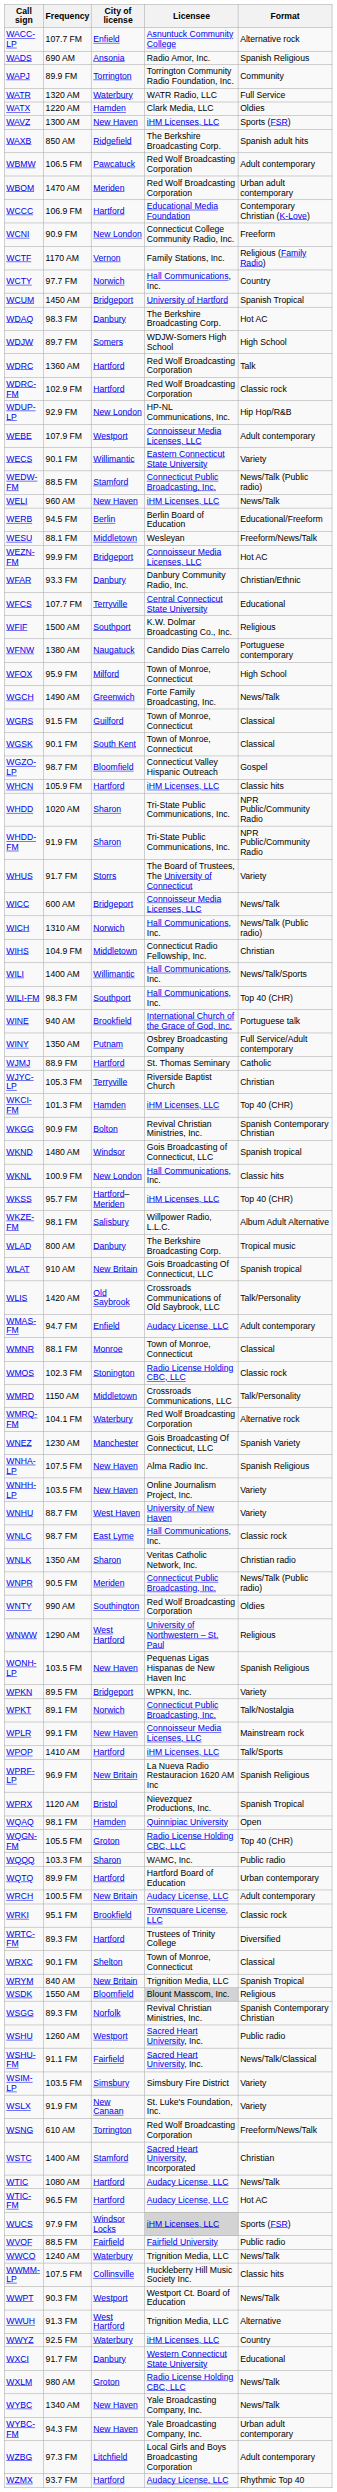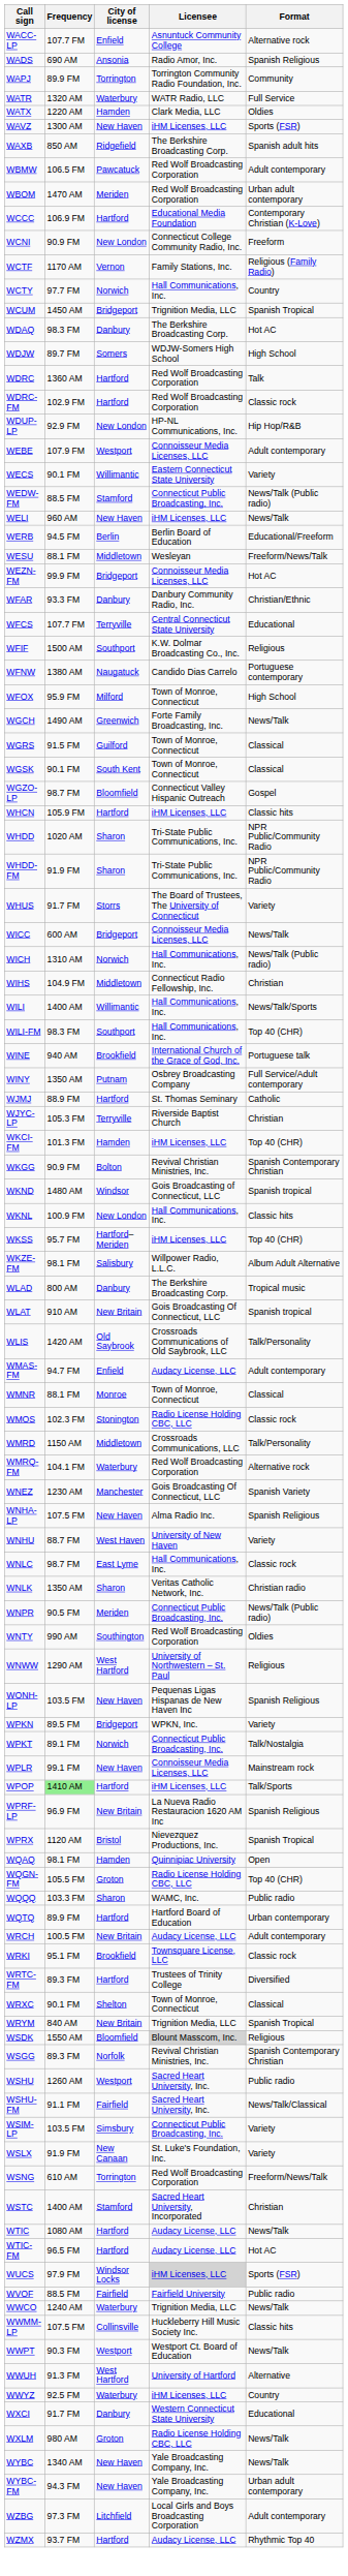 <table class="wikitable sortable">
 <tr>
 <th>Call sign</th>
 <th data-sort-type="number">Frequency</th>
 <th>City of license</th>
 <th>Licensee </th>
 <th>Format </th>
 </tr>
 <tr>
 <td><a href='#'>WACC-LP</a></td>
 <td>107.7 FM</td>
 <td><a href='#'>Enfield</a></td>
 <td><a href='#'>Asnuntuck Community College</a></td>
 <td>Alternative rock</td>
 </tr>
 <tr>
 <td><a href='#'>WADS</a></td>
 <td>690 AM</td>
 <td><a href='#'>Ansonia</a></td>
 <td>Radio Amor, Inc.</td>
 <td>Spanish Religious</td>
 </tr>
 <tr>
 <td><a href='#'>WAPJ</a></td>
 <td>89.9 FM</td>
 <td><a href='#'>Torrington</a></td>
 <td>Torrington Community Radio Foundation, Inc.</td>
 <td>Community</td>
 </tr>
 <tr>
 <td><a href='#'>WATR</a></td>
 <td>1320 AM</td>
 <td><a href='#'>Waterbury</a></td>
 <td>WATR Radio, LLC</td>
 <td>Full Service</td>
 </tr>
 <tr>
 <td><a href='#'>WATX</a></td>
 <td>1220 AM</td>
 <td><a href='#'>Hamden</a></td>
 <td>Clark Media, LLC</td>
 <td>Oldies</td>
 </tr>
 <tr>
 <td><a href='#'>WAVZ</a></td>
 <td>1300 AM</td>
 <td><a href='#'>New Haven</a></td>
 <td><a href='#'>iHM Licenses, LLC</a></td>
 <td>Sports (<a href='#'>FSR</a>)</td>
 </tr>
 <tr>
 <td><a href='#'>WAXB</a></td>
 <td>850 AM</td>
 <td><a href='#'>Ridgefield</a></td>
 <td>The Berkshire Broadcasting Corp.</td>
 <td>Spanish adult hits</td>
 </tr>
 <tr>
 <td><a href='#'>WBMW</a></td>
 <td>106.5 FM</td>
 <td><a href='#'>Pawcatuck</a></td>
 <td>Red Wolf Broadcasting Corporation</td>
 <td>Adult contemporary</td>
 </tr>
 <tr>
 <td><a href='#'>WBOM</a></td>
 <td>1470 AM</td>
 <td><a href='#'>Meriden</a></td>
 <td>Red Wolf Broadcasting Corporation</td>
 <td>Urban adult contemporary</td>
 </tr>
 <tr>
 <td><a href='#'>WCCC</a></td>
 <td>106.9 FM</td>
 <td><a href='#'>Hartford</a></td>
 <td><a href='#'>Educational Media Foundation</a></td>
 <td>Contemporary Christian (<a href='#'>K-Love</a>)</td>
 </tr>
 <tr>
 <td><a href='#'>WCNI</a></td>
 <td>90.9 FM</td>
 <td><a href='#'>New London</a></td>
 <td>Connecticut College Community Radio, Inc.</td>
 <td>Freeform</td>
 </tr>
 <tr>
 <td><a href='#'>WCTF</a></td>
 <td>1170 AM</td>
 <td><a href='#'>Vernon</a></td>
 <td>Family Stations, Inc.</td>
 <td>Religious (<a href='#'>Family Radio</a>)</td>
 </tr>
 <tr>
 <td><a href='#'>WCTY</a></td>
 <td>97.7 FM</td>
 <td><a href='#'>Norwich</a></td>
 <td><a href='#'>Hall Communications</a>, Inc.</td>
 <td>Country</td>
 </tr>
 <tr>
 <td><a href='#'>WCUM</a></td>
 <td>1450 AM</td>
 <td><a href='#'>Bridgeport</a></td>
-<td><a href='#'>University of Hartford</a></td>
+<td>Trignition Media, LLC</td>
 <td>Spanish Tropical</td>
 </tr>
 <tr>
 <td><a href='#'>WDAQ</a></td>
 <td>98.3 FM</td>
 <td><a href='#'>Danbury</a></td>
 <td>The Berkshire Broadcasting Corp.</td>
 <td>Hot AC</td>
 </tr>
 <tr>
 <td><a href='#'>WDJW</a></td>
 <td>89.7 FM</td>
 <td><a href='#'>Somers</a></td>
 <td>WDJW-Somers High School</td>
 <td>High School</td>
 </tr>
 <tr>
 <td><a href='#'>WDRC</a></td>
 <td>1360 AM</td>
 <td><a href='#'>Hartford</a></td>
 <td>Red Wolf Broadcasting Corporation</td>
 <td>Talk</td>
 </tr>
 <tr>
 <td><a href='#'>WDRC-FM</a></td>
 <td>102.9 FM</td>
 <td><a href='#'>Hartford</a></td>
 <td>Red Wolf Broadcasting Corporation</td>
 <td>Classic rock</td>
 </tr>
 <tr>
 <td><a href='#'>WDUP-LP</a></td>
 <td>92.9 FM</td>
 <td><a href='#'>New London</a></td>
 <td>HP-NL Communications, Inc.</td>
 <td>Hip Hop/R&B</td>
 </tr>
 <tr>
 <td><a href='#'>WEBE</a></td>
 <td>107.9 FM</td>
 <td><a href='#'>Westport</a></td>
 <td><a href='#'>Connoisseur Media Licenses, LLC</a></td>
 <td>Adult contemporary</td>
 </tr>
 <tr>
 <td><a href='#'>WECS</a></td>
 <td>90.1 FM</td>
 <td><a href='#'>Willimantic</a></td>
 <td><a href='#'>Eastern Connecticut State University</a></td>
 <td>Variety</td>
 </tr>
 <tr>
 <td><a href='#'>WEDW-FM</a></td>
 <td>88.5 FM</td>
 <td><a href='#'>Stamford</a></td>
 <td><a href='#'>Connecticut Public Broadcasting, Inc.</a></td>
 <td>News/Talk (Public radio)</td>
 </tr>
 <tr>
 <td><a href='#'>WELI</a></td>
 <td>960 AM</td>
 <td><a href='#'>New Haven</a></td>
 <td><a href='#'>iHM Licenses, LLC</a></td>
 <td>News/Talk</td>
 </tr>
 <tr>
 <td><a href='#'>WERB</a></td>
 <td>94.5 FM</td>
 <td><a href='#'>Berlin</a></td>
 <td>Berlin Board of Education</td>
 <td>Educational/Freeform</td>
 </tr>
 <tr>
 <td><a href='#'>WESU</a></td>
 <td>88.1 FM</td>
 <td><a href='#'>Middletown</a></td>
 <td>Wesleyan</td>
 <td>Freeform/News/Talk</td>
 </tr>
 <tr>
 <td><a href='#'>WEZN-FM</a></td>
 <td>99.9 FM</td>
 <td><a href='#'>Bridgeport</a></td>
 <td><a href='#'>Connoisseur Media Licenses, LLC</a></td>
 <td>Hot AC</td>
 </tr>
 <tr>
 <td><a href='#'>WFAR</a></td>
 <td>93.3 FM</td>
 <td><a href='#'>Danbury</a></td>
 <td>Danbury Community Radio, Inc.</td>
 <td>Christian/Ethnic</td>
 </tr>
 <tr>
 <td><a href='#'>WFCS</a></td>
 <td>107.7 FM</td>
 <td><a href='#'>Terryville</a></td>
 <td><a href='#'>Central Connecticut State University</a></td>
 <td>Educational</td>
 </tr>
 <tr>
 <td><a href='#'>WFIF</a></td>
 <td>1500 AM</td>
 <td><a href='#'>Southport</a></td>
 <td>K.W. Dolmar Broadcasting Co., Inc.</td>
 <td>Religious</td>
 </tr>
 <tr>
 <td><a href='#'>WFNW</a></td>
 <td>1380 AM</td>
 <td><a href='#'>Naugatuck</a></td>
 <td>Candido Dias Carrelo</td>
 <td>Portuguese contemporary</td>
 </tr>
 <tr>
 <td><a href='#'>WFOX</a></td>
 <td>95.9 FM</td>
 <td><a href='#'>Milford</a></td>
 <td>Town of Monroe, Connecticut</td>
 <td>High School</td>
 </tr>
 <tr>
 <td><a href='#'>WGCH</a></td>
 <td>1490 AM</td>
 <td><a href='#'>Greenwich</a></td>
 <td>Forte Family Broadcasting, Inc.</td>
 <td>News/Talk</td>
 </tr>
 <tr>
 <td><a href='#'>WGRS</a></td>
 <td>91.5 FM</td>
 <td><a href='#'>Guilford</a></td>
 <td>Town of Monroe, Connecticut</td>
 <td>Classical</td>
 </tr>
 <tr>
 <td><a href='#'>WGSK</a></td>
 <td>90.1 FM</td>
 <td><a href='#'>South Kent</a></td>
 <td>Town of Monroe, Connecticut</td>
 <td>Classical</td>
 </tr>
 <tr>
 <td><a href='#'>WGZO-LP</a></td>
 <td>98.7 FM</td>
 <td><a href='#'>Bloomfield</a></td>
 <td>Connecticut Valley Hispanic Outreach</td>
 <td>Gospel</td>
 </tr>
 <tr>
 <td><a href='#'>WHCN</a></td>
 <td>105.9 FM</td>
 <td><a href='#'>Hartford</a></td>
 <td><a href='#'>iHM Licenses, LLC</a></td>
 <td>Classic hits</td>
 </tr>
 <tr>
 <td><a href='#'>WHDD</a></td>
 <td>1020 AM</td>
 <td><a href='#'>Sharon</a></td>
 <td>Tri-State Public Communications, Inc.</td>
 <td>NPR Public/Community Radio</td>
 </tr>
 <tr>
 <td><a href='#'>WHDD-FM</a></td>
 <td>91.9 FM</td>
 <td><a href='#'>Sharon</a></td>
 <td>Tri-State Public Communications, Inc.</td>
 <td>NPR Public/Community Radio</td>
 </tr>
 <tr>
 <td><a href='#'>WHUS</a></td>
 <td>91.7 FM</td>
 <td><a href='#'>Storrs</a></td>
 <td>The Board of Trustees, The <a href='#'>University of Connecticut</a></td>
 <td>Variety</td>
 </tr>
 <tr>
 <td><a href='#'>WICC</a></td>
 <td>600 AM</td>
 <td><a href='#'>Bridgeport</a></td>
 <td><a href='#'>Connoisseur Media Licenses, LLC</a></td>
 <td>News/Talk</td>
 </tr>
 <tr>
 <td><a href='#'>WICH</a></td>
 <td>1310 AM</td>
 <td><a href='#'>Norwich</a></td>
 <td><a href='#'>Hall Communications</a>, Inc.</td>
 <td>News/Talk (Public radio)</td>
 </tr>
 <tr>
 <td><a href='#'>WIHS</a></td>
 <td>104.9 FM</td>
 <td><a href='#'>Middletown</a></td>
 <td>Connecticut Radio Fellowship, Inc.</td>
 <td>Christian</td>
 </tr>
 <tr>
 <td><a href='#'>WILI</a></td>
 <td>1400 AM</td>
 <td><a href='#'>Willimantic</a></td>
 <td><a href='#'>Hall Communications</a>, Inc.</td>
 <td>News/Talk/Sports</td>
 </tr>
 <tr>
 <td><a href='#'>WILI-FM</a></td>
 <td>98.3 FM</td>
 <td><a href='#'>Southport</a></td>
 <td><a href='#'>Hall Communications</a>, Inc.</td>
 <td>Top 40 (CHR)</td>
 </tr>
 <tr>
 <td><a href='#'>WINE</a></td>
 <td>940 AM</td>
 <td><a href='#'>Brookfield</a></td>
 <td><a href='#'>International Church of the Grace of God, Inc.</a></td>
 <td>Portuguese talk</td>
 </tr>
 <tr>
 <td><a href='#'>WINY</a></td>
 <td>1350 AM</td>
 <td><a href='#'>Putnam</a></td>
 <td>Osbrey Broadcasting Company</td>
 <td>Full Service/Adult contemporary</td>
 </tr>
 <tr>
 <td><a href='#'>WJMJ</a></td>
 <td>88.9 FM</td>
 <td><a href='#'>Hartford</a></td>
 <td>St. Thomas Seminary</td>
 <td>Catholic</td>
 </tr>
 <tr>
 <td><a href='#'>WJYC-LP</a></td>
 <td>105.3 FM</td>
 <td><a href='#'>Terryville</a></td>
 <td>Riverside Baptist Church</td>
 <td>Christian</td>
 </tr>
 <tr>
 <td><a href='#'>WKCI-FM</a></td>
 <td>101.3 FM</td>
 <td><a href='#'>Hamden</a></td>
 <td><a href='#'>iHM Licenses, LLC</a></td>
 <td>Top 40 (CHR)</td>
 </tr>
 <tr>
 <td><a href='#'>WKGG</a></td>
 <td>90.9 FM</td>
 <td><a href='#'>Bolton</a></td>
 <td>Revival Christian Ministries, Inc.</td>
 <td>Spanish Contemporary Christian</td>
 </tr>
 <tr>
 <td><a href='#'>WKND</a></td>
 <td>1480 AM</td>
 <td><a href='#'>Windsor</a></td>
 <td>Gois Broadcasting of Connecticut, LLC</td>
 <td>Spanish tropical</td>
 </tr>
 <tr>
 <td><a href='#'>WKNL</a></td>
 <td>100.9 FM</td>
 <td><a href='#'>New London</a></td>
 <td><a href='#'>Hall Communications</a>, Inc.</td>
 <td>Classic hits</td>
 </tr>
 <tr>
 <td><a href='#'>WKSS</a></td>
 <td>95.7 FM</td>
 <td><a href='#'>Hartford</a>–<a href='#'>Meriden</a></td>
 <td><a href='#'>iHM Licenses, LLC</a></td>
 <td>Top 40 (CHR)</td>
 </tr>
 <tr>
 <td><a href='#'>WKZE-FM</a></td>
 <td>98.1 FM</td>
 <td><a href='#'>Salisbury</a></td>
 <td>Willpower Radio, L.L.C.</td>
 <td>Album Adult Alternative</td>
 </tr>
 <tr>
 <td><a href='#'>WLAD</a></td>
 <td>800 AM</td>
 <td><a href='#'>Danbury</a></td>
 <td>The Berkshire Broadcasting Corp.</td>
 <td>Tropical music</td>
 </tr>
 <tr>
 <td><a href='#'>WLAT</a></td>
 <td>910 AM</td>
 <td><a href='#'>New Britain</a></td>
 <td>Gois Broadcasting Of Connecticut, LLC</td>
 <td>Spanish tropical</td>
 </tr>
 <tr>
 <td><a href='#'>WLIS</a></td>
 <td>1420 AM</td>
 <td><a href='#'>Old Saybrook</a></td>
 <td>Crossroads Communications of Old Saybrook, LLC</td>
 <td>Talk/Personality</td>
 </tr>
 <tr>
 <td><a href='#'>WMAS-FM</a></td>
 <td>94.7 FM</td>
 <td><a href='#'>Enfield</a></td>
 <td><a href='#'>Audacy License, LLC</a></td>
 <td>Adult contemporary</td>
 </tr>
 <tr>
 <td><a href='#'>WMNR</a></td>
 <td>88.1 FM</td>
 <td><a href='#'>Monroe</a></td>
 <td>Town of Monroe, Connecticut</td>
 <td>Classical</td>
 </tr>
 <tr>
 <td><a href='#'>WMOS</a></td>
 <td>102.3 FM</td>
 <td><a href='#'>Stonington</a></td>
 <td><a href='#'>Radio License Holding CBC, LLC</a></td>
 <td>Classic rock</td>
 </tr>
 <tr>
 <td><a href='#'>WMRD</a></td>
 <td>1150 AM</td>
 <td><a href='#'>Middletown</a></td>
 <td>Crossroads Communications, LLC</td>
 <td>Talk/Personality</td>
 </tr>
 <tr>
 <td><a href='#'>WMRQ-FM</a></td>
 <td>104.1 FM</td>
 <td><a href='#'>Waterbury</a></td>
 <td>Red Wolf Broadcasting Corporation</td>
 <td>Alternative rock</td>
 </tr>
 <tr>
 <td><a href='#'>WNEZ</a></td>
 <td>1230 AM</td>
 <td><a href='#'>Manchester</a></td>
 <td>Gois Broadcasting Of Connecticut, LLC</td>
 <td>Spanish Variety</td>
 </tr>
 <tr>
 <td><a href='#'>WNHA-LP</a></td>
 <td>107.5 FM</td>
 <td><a href='#'>New Haven</a></td>
 <td>Alma Radio Inc.</td>
 <td>Spanish Religious</td>
 </tr>
 <tr>
-<td><a href='#'>WNHH-LP</a></td>
-<td>103.5 FM</td>
-<td><a href='#'>New Haven</a></td>
-<td>Online Journalism Project, Inc.</td>
-<td>Variety</td>
-</tr>
-<tr>
 <td><a href='#'>WNHU</a></td>
 <td>88.7 FM</td>
 <td><a href='#'>West Haven</a></td>
 <td><a href='#'>University of New Haven</a></td>
 <td>Variety</td>
 </tr>
 <tr>
 <td><a href='#'>WNLC</a></td>
 <td>98.7 FM</td>
 <td><a href='#'>East Lyme</a></td>
 <td><a href='#'>Hall Communications</a>, Inc.</td>
 <td>Classic rock</td>
 </tr>
 <tr>
 <td><a href='#'>WNLK</a></td>
 <td>1350 AM</td>
 <td><a href='#'>Sharon</a></td>
 <td>Veritas Catholic Network, Inc.</td>
 <td>Christian radio</td>
 </tr>
 <tr>
 <td><a href='#'>WNPR</a></td>
 <td>90.5 FM</td>
 <td><a href='#'>Meriden</a></td>
 <td><a href='#'>Connecticut Public Broadcasting, Inc.</a></td>
 <td>News/Talk (Public radio)</td>
 </tr>
 <tr>
 <td><a href='#'>WNTY</a></td>
 <td>990 AM</td>
 <td><a href='#'>Southington</a></td>
 <td>Red Wolf Broadcasting Corporation</td>
 <td>Oldies</td>
 </tr>
 <tr>
 <td><a href='#'>WNWW</a></td>
 <td>1290 AM</td>
 <td><a href='#'>West Hartford</a></td>
 <td><a href='#'>University of Northwestern – St. Paul</a></td>
 <td>Religious</td>
 </tr>
 <tr>
 <td><a href='#'>WONH-LP</a></td>
 <td>103.5 FM</td>
 <td><a href='#'>New Haven</a></td>
 <td>Pequenas Ligas Hispanas de New Haven Inc</td>
 <td>Spanish Religious</td>
 </tr>
 <tr>
 <td><a href='#'>WPKN</a></td>
 <td>89.5 FM</td>
 <td><a href='#'>Bridgeport</a></td>
 <td>WPKN, Inc.</td>
 <td>Variety</td>
 </tr>
 <tr>
 <td><a href='#'>WPKT</a></td>
 <td>89.1 FM</td>
 <td><a href='#'>Norwich</a></td>
 <td><a href='#'>Connecticut Public Broadcasting, Inc.</a></td>
 <td>Talk/Nostalgia</td>
 </tr>
 <tr>
 <td><a href='#'>WPLR</a></td>
 <td>99.1 FM</td>
 <td><a href='#'>New Haven</a></td>
 <td><a href='#'>Connoisseur Media Licenses, LLC</a></td>
 <td>Mainstream rock</td>
 </tr>
 <tr>
 <td><a href='#'>WPOP</a></td>
-<td>1410 AM</td>
+<td style="background: lightgreen;">1410 AM</td>
 <td><a href='#'>Hartford</a></td>
 <td><a href='#'>iHM Licenses, LLC</a></td>
 <td>Talk/Sports</td>
 </tr>
 <tr>
 <td><a href='#'>WPRF-LP</a></td>
 <td>96.9 FM</td>
 <td><a href='#'>New Britain</a></td>
 <td>La Nueva Radio Restauracion 1620 AM Inc</td>
 <td>Spanish Religious</td>
 </tr>
 <tr>
 <td><a href='#'>WPRX</a></td>
 <td>1120 AM</td>
 <td><a href='#'>Bristol</a></td>
 <td>Nievezquez Productions, Inc.</td>
 <td>Spanish Tropical</td>
 </tr>
 <tr>
 <td><a href='#'>WQAQ</a></td>
 <td>98.1 FM</td>
 <td><a href='#'>Hamden</a></td>
 <td><a href='#'>Quinnipiac University</a></td>
 <td>Open</td>
 </tr>
 <tr>
 <td><a href='#'>WQGN-FM</a></td>
 <td>105.5 FM</td>
 <td><a href='#'>Groton</a></td>
 <td><a href='#'>Radio License Holding CBC, LLC</a></td>
 <td>Top 40 (CHR)</td>
 </tr>
 <tr>
 <td><a href='#'>WQQQ</a></td>
 <td>103.3 FM</td>
 <td><a href='#'>Sharon</a></td>
 <td>WAMC, Inc.</td>
 <td>Public radio</td>
 </tr>
 <tr>
 <td><a href='#'>WQTQ</a></td>
 <td>89.9 FM</td>
 <td><a href='#'>Hartford</a></td>
 <td>Hartford Board of Education</td>
 <td>Urban contemporary</td>
 </tr>
 <tr>
 <td><a href='#'>WRCH</a></td>
 <td>100.5 FM</td>
 <td><a href='#'>New Britain</a></td>
 <td><a href='#'>Audacy License, LLC</a></td>
 <td>Adult contemporary</td>
 </tr>
 <tr>
 <td><a href='#'>WRKI</a></td>
 <td>95.1 FM</td>
 <td><a href='#'>Brookfield</a></td>
 <td><a href='#'>Townsquare License, LLC</a></td>
 <td>Classic rock</td>
 </tr>
 <tr>
 <td><a href='#'>WRTC-FM</a></td>
 <td>89.3 FM</td>
 <td><a href='#'>Hartford</a></td>
 <td>Trustees of Trinity College</td>
 <td>Diversified</td>
 </tr>
 <tr>
 <td><a href='#'>WRXC</a></td>
 <td>90.1 FM</td>
 <td><a href='#'>Shelton</a></td>
 <td>Town of Monroe, Connecticut</td>
 <td>Classical</td>
 </tr>
 <tr>
 <td><a href='#'>WRYM</a></td>
 <td>840 AM</td>
 <td><a href='#'>New Britain</a></td>
 <td>Trignition Media, LLC</td>
 <td>Spanish Tropical</td>
 </tr>
 <tr>
 <td><a href='#'>WSDK</a></td>
 <td>1550 AM</td>
 <td><a href='#'>Bloomfield</a></td>
 <td style="background: lightgrey;">Blount Masscom, Inc.</td>
 <td>Religious</td>
 </tr>
 <tr>
 <td><a href='#'>WSGG</a></td>
 <td>89.3 FM</td>
 <td><a href='#'>Norfolk</a></td>
 <td>Revival Christian Ministries, Inc.</td>
 <td>Spanish Contemporary Christian</td>
 </tr>
 <tr>
 <td><a href='#'>WSHU</a></td>
 <td>1260 AM</td>
 <td><a href='#'>Westport</a></td>
 <td><a href='#'>Sacred Heart University</a>, Inc.</td>
 <td>Public radio</td>
 </tr>
 <tr>
 <td><a href='#'>WSHU-FM</a></td>
 <td>91.1 FM</td>
 <td><a href='#'>Fairfield</a></td>
 <td><a href='#'>Sacred Heart University</a>, Inc.</td>
 <td>News/Talk/Classical</td>
 </tr>
 <tr>
 <td><a href='#'>WSIM-LP</a></td>
 <td>103.5 FM</td>
 <td><a href='#'>Simsbury</a></td>
-<td>Simsbury Fire District</td>
+<td><a href='#'>Connecticut Public Broadcasting, Inc.</a></td>
 <td>Variety</td>
 </tr>
 <tr>
 <td><a href='#'>WSLX</a></td>
 <td>91.9 FM</td>
 <td><a href='#'>New Canaan</a></td>
 <td>St. Luke's Foundation, Inc.</td>
 <td>Variety</td>
 </tr>
 <tr>
 <td><a href='#'>WSNG</a></td>
 <td>610 AM</td>
 <td><a href='#'>Torrington</a></td>
 <td>Red Wolf Broadcasting Corporation</td>
 <td>Freeform/News/Talk</td>
 </tr>
 <tr>
 <td><a href='#'>WSTC</a></td>
 <td>1400 AM</td>
 <td><a href='#'>Stamford</a></td>
 <td><a href='#'>Sacred Heart University</a>, Incorporated</td>
 <td>Christian</td>
 </tr>
 <tr>
 <td><a href='#'>WTIC</a></td>
 <td>1080 AM</td>
 <td><a href='#'>Hartford</a></td>
 <td><a href='#'>Audacy License, LLC</a></td>
 <td>News/Talk</td>
 </tr>
 <tr>
 <td><a href='#'>WTIC-FM</a></td>
 <td>96.5 FM</td>
 <td><a href='#'>Hartford</a></td>
 <td><a href='#'>Audacy License, LLC</a></td>
 <td>Hot AC</td>
 </tr>
 <tr>
 <td><a href='#'>WUCS</a></td>
 <td>97.9 FM</td>
 <td><a href='#'>Windsor Locks</a></td>
 <td style="background: lightgrey;"><a href='#'>iHM Licenses, LLC</a></td>
 <td>Sports (<a href='#'>FSR</a>)</td>
 </tr>
 <tr>
 <td><a href='#'>WVOF</a></td>
 <td>88.5 FM</td>
 <td><a href='#'>Fairfield</a></td>
 <td><a href='#'>Fairfield University</a></td>
 <td>Public radio</td>
 </tr>
 <tr>
 <td><a href='#'>WWCO</a></td>
 <td>1240 AM</td>
 <td><a href='#'>Waterbury</a></td>
 <td>Trignition Media, LLC</td>
 <td>News/Talk</td>
 </tr>
 <tr>
 <td><a href='#'>WWMM-LP</a></td>
 <td>107.5 FM</td>
 <td><a href='#'>Collinsville</a></td>
 <td>Huckleberry Hill Music Society Inc.</td>
 <td>Classic hits</td>
 </tr>
 <tr>
 <td><a href='#'>WWPT</a></td>
 <td>90.3 FM</td>
 <td><a href='#'>Westport</a></td>
 <td>Westport Ct. Board of Education</td>
 <td>News/Talk</td>
 </tr>
 <tr>
 <td><a href='#'>WWUH</a></td>
 <td>91.3 FM</td>
 <td><a href='#'>West Hartford</a></td>
-<td>Trignition Media, LLC</td>
+<td><a href='#'>University of Hartford</a></td>
 <td>Alternative</td>
 </tr>
 <tr>
 <td><a href='#'>WWYZ</a></td>
 <td>92.5 FM</td>
 <td><a href='#'>Waterbury</a></td>
 <td><a href='#'>iHM Licenses, LLC</a></td>
 <td>Country</td>
 </tr>
 <tr>
 <td><a href='#'>WXCI</a></td>
 <td>91.7 FM</td>
 <td><a href='#'>Danbury</a></td>
 <td><a href='#'>Western Connecticut State University</a></td>
 <td>Educational</td>
 </tr>
 <tr>
 <td><a href='#'>WXLM</a></td>
 <td>980 AM</td>
 <td><a href='#'>Groton</a></td>
 <td><a href='#'>Radio License Holding CBC, LLC</a></td>
 <td>News/Talk</td>
 </tr>
 <tr>
 <td><a href='#'>WYBC</a></td>
 <td>1340 AM</td>
 <td><a href='#'>New Haven</a></td>
 <td>Yale Broadcasting Company, Inc.</td>
 <td>News/Talk</td>
 </tr>
 <tr>
 <td><a href='#'>WYBC-FM</a></td>
 <td>94.3 FM</td>
 <td><a href='#'>New Haven</a></td>
 <td>Yale Broadcasting Company, Inc.</td>
 <td>Urban adult contemporary</td>
 </tr>
 <tr>
 <td><a href='#'>WZBG</a></td>
 <td>97.3 FM</td>
 <td><a href='#'>Litchfield</a></td>
 <td>Local Girls and Boys Broadcasting Corporation</td>
 <td>Adult contemporary</td>
 </tr>
 <tr>
 <td><a href='#'>WZMX</a></td>
 <td>93.7 FM</td>
 <td><a href='#'>Hartford</a></td>
 <td><a href='#'>Audacy License, LLC</a></td>
 <td>Rhythmic Top 40</td>
 </tr>
 </table>
